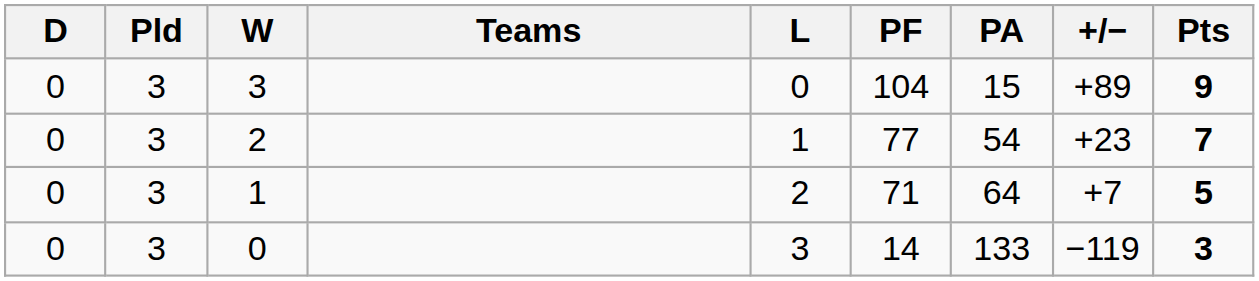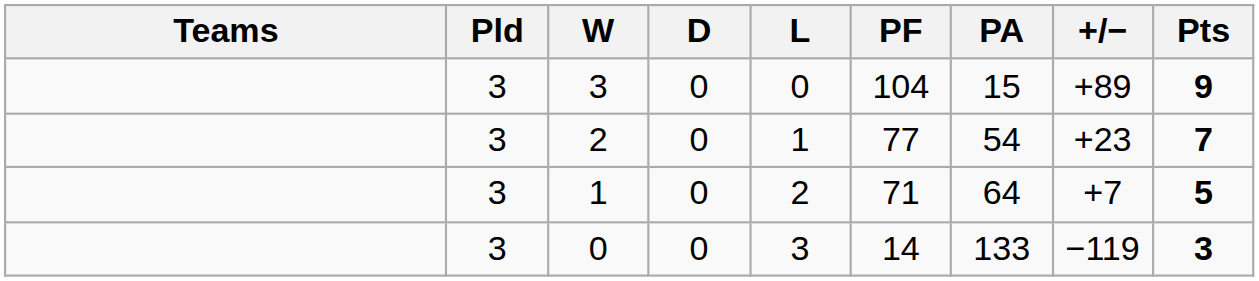 <table class="wikitable" style="text-align: center;">
 <tr>
-<th width="40">D</th>
+<th width="200">Teams</th>
 <th width="40">Pld</th>
 <th width="40">W</th>
-<th width="200">Teams</th>
+<th width="40">D</th>
 <th width="40">L</th>
 <th width="40">PF</th>
 <th width="40">PA</th>
 <th width="40">+/−</th>
 <th width="40">Pts</th>
 </tr>
 <tr>
-<td>0</td>
+<td align=left></td>
 <td>3</td>
 <td>3</td>
-<td align=left></td>
+<td>0</td>
 <td>0</td>
 <td>104</td>
 <td>15</td>
 <td>+89</td>
 <td><strong>9</strong></td>
 </tr>
 <tr>
-<td>0</td>
+<td align=left></td>
 <td>3</td>
 <td>2</td>
-<td align=left></td>
+<td>0</td>
 <td>1</td>
 <td>77</td>
 <td>54</td>
 <td>+23</td>
 <td><strong>7</strong></td>
 </tr>
 <tr>
-<td>0</td>
+<td align=left></td>
 <td>3</td>
 <td>1</td>
-<td align=left></td>
+<td>0</td>
 <td>2</td>
 <td>71</td>
 <td>64</td>
 <td>+7</td>
 <td><strong>5</strong></td>
 </tr>
 <tr>
-<td>0</td>
+<td align=left></td>
 <td>3</td>
 <td>0</td>
-<td align=left></td>
+<td>0</td>
 <td>3</td>
 <td>14</td>
 <td>133</td>
 <td>−119</td>
 <td><strong>3</strong></td>
 </tr>
 </table>
